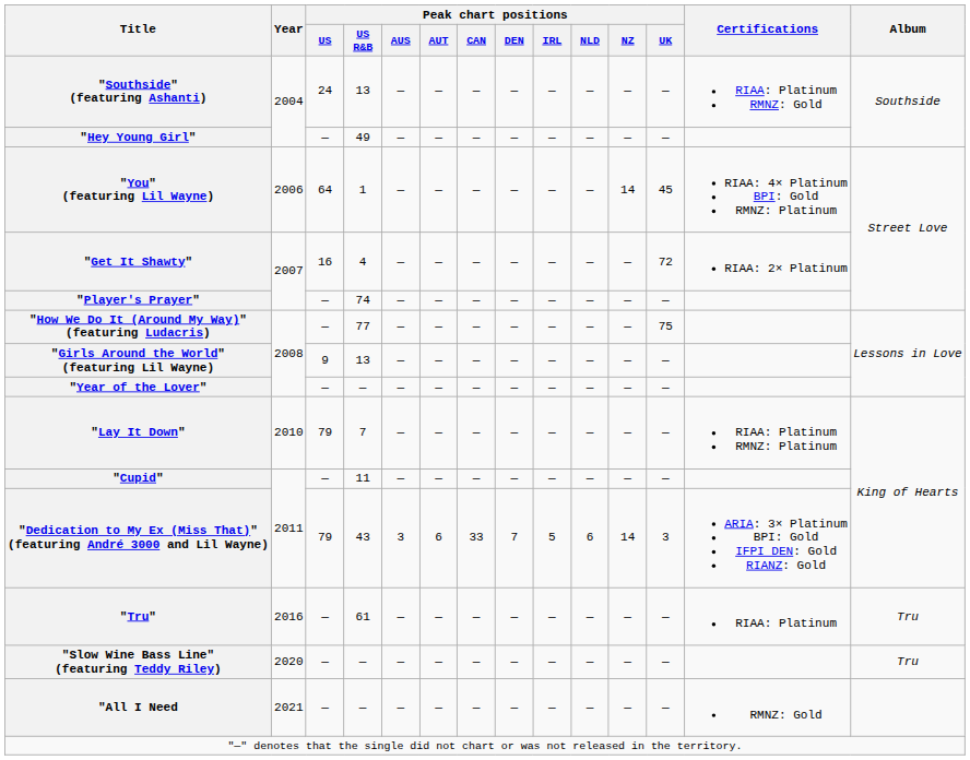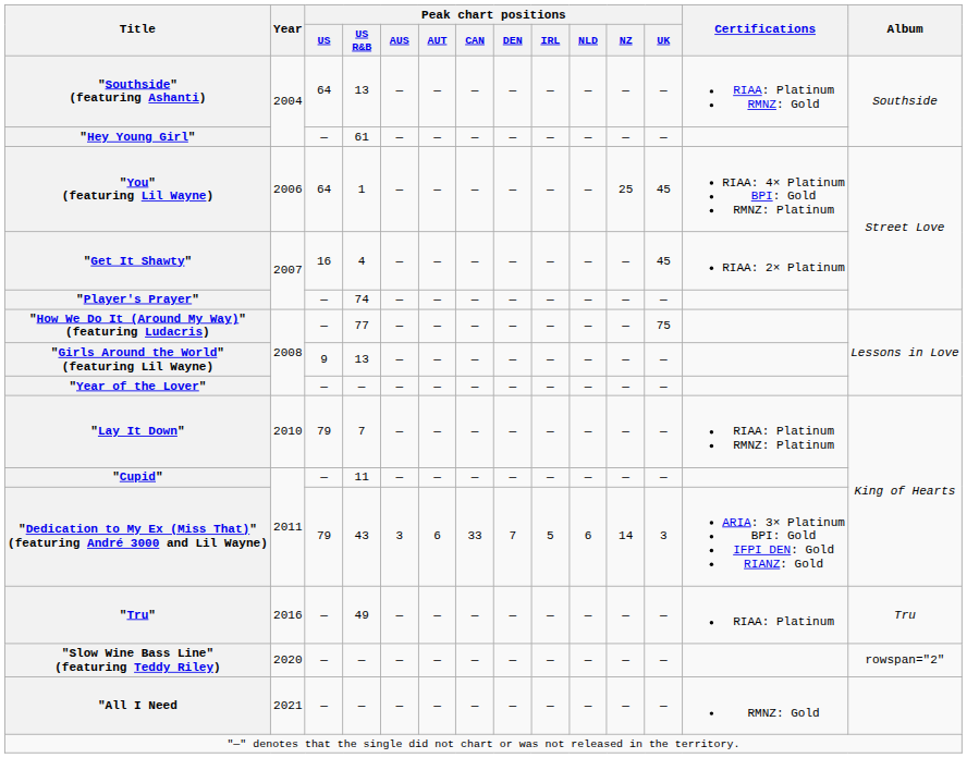 <table class="wikitable plainrowheaders" style="text-align:center;">
 <tr>
 <th scope="col" rowspan="2">Title</th>
 <th scope="col" rowspan="2">Year</th>
 <th scope="col" colspan="10">Peak chart positions</th>
 <th scope="col" rowspan="2"><a href='#'>Certifications</a></th>
 <th scope="col" rowspan="2">Album</th>
 </tr>
 <tr>
 <th scope="col" style="width:3em;font-size:90%;"><a href='#'>US</a><br></th>
 <th scope="col" style="width:3em;font-size:90%;"><a href='#'>US<br>R&B</a><br></th>
 <th scope="col" style="width:3em;font-size:90%;"><a href='#'>AUS</a><br></th>
 <th scope="col" style="width:3em;font-size:90%;"><a href='#'>AUT</a><br></th>
 <th scope="col" style="width:3em;font-size:90%;"><a href='#'>CAN</a><br></th>
 <th scope="col" style="width:3em;font-size:90%;"><a href='#'>DEN</a><br></th>
 <th scope="col" style="width:3em;font-size:90%;"><a href='#'>IRL</a><br></th>
 <th scope="col" style="width:3em;font-size:90%;"><a href='#'>NLD</a><br></th>
 <th scope="col" style="width:3em;font-size:90%;"><a href='#'>NZ</a><br></th>
 <th scope="col" style="width:3em;font-size:90%;"><a href='#'>UK</a><br></th>
 </tr>
 <tr>
 <th scope="row">"<a href='#'>Southside</a>"<br><span>(featuring <a href='#'>Ashanti</a>)</span></th>
 <td rowspan="2">2004</td>
-<td>24</td>
+<td>64</td>
 <td>13</td>
 <td>—</td>
 <td>—</td>
 <td>—</td>
 <td>—</td>
 <td>—</td>
 <td>—</td>
 <td>—</td>
 <td>—</td>
 <td><br><ul><li><a href='#'>RIAA</a>: Platinum</li><li><a href='#'>RMNZ</a>: Gold</li></ul></td>
 <td rowspan="2"><em>Southside</em></td>
 </tr>
 <tr>
 <th scope="row">"<a href='#'>Hey Young Girl</a>"</th>
 <td>—</td>
-<td>49</td>
+<td>61</td>
 <td>—</td>
 <td>—</td>
 <td>—</td>
 <td>—</td>
 <td>—</td>
 <td>—</td>
 <td>—</td>
 <td>—</td>
 <td></td>
 </tr>
 <tr>
 <th scope="row">"<a href='#'>You</a>"<br><span>(featuring <a href='#'>Lil Wayne</a>)</span></th>
 <td>2006</td>
 <td>64</td>
 <td>1</td>
 <td>—</td>
 <td>—</td>
 <td>—</td>
 <td>—</td>
 <td>—</td>
 <td>—</td>
-<td>14</td>
+<td>25</td>
 <td>45</td>
 <td><br><ul><li>RIAA: 4× Platinum</li><li><a href='#'>BPI</a>: Gold</li><li>RMNZ: Platinum</li></ul></td>
 <td rowspan="3"><em>Street Love</em></td>
 </tr>
 <tr>
 <th scope="row">"<a href='#'>Get It Shawty</a>"</th>
 <td rowspan="2">2007</td>
 <td>16</td>
 <td>4</td>
 <td>—</td>
 <td>—</td>
 <td>—</td>
 <td>—</td>
 <td>—</td>
 <td>—</td>
 <td>—</td>
-<td>72</td>
+<td>45</td>
 <td><br><ul><li>RIAA: 2× Platinum</li></ul></td>
 </tr>
 <tr>
 <th scope="row">"<a href='#'>Player's Prayer</a>"</th>
 <td>—</td>
 <td>74</td>
 <td>—</td>
 <td>—</td>
 <td>—</td>
 <td>—</td>
 <td>—</td>
 <td>—</td>
 <td>—</td>
 <td>—</td>
 <td></td>
 </tr>
 <tr>
 <th scope="row">"<a href='#'>How We Do It (Around My Way)</a>"<br><span>(featuring <a href='#'>Ludacris</a>)</span></th>
 <td rowspan="3">2008</td>
 <td>—</td>
 <td>77</td>
 <td>—</td>
 <td>—</td>
 <td>—</td>
 <td>—</td>
 <td>—</td>
 <td>—</td>
 <td>—</td>
 <td>75</td>
 <td></td>
 <td rowspan="3"><em>Lessons in Love</em></td>
 </tr>
 <tr>
 <th scope="row">"<a href='#'>Girls Around the World</a>"<br><span>(featuring Lil Wayne)</span></th>
 <td>9</td>
 <td>13</td>
 <td>—</td>
 <td>—</td>
 <td>—</td>
 <td>—</td>
 <td>—</td>
 <td>—</td>
 <td>—</td>
 <td>—</td>
 <td></td>
 </tr>
 <tr>
 <th scope="row">"<a href='#'>Year of the Lover</a>"</th>
 <td>—</td>
 <td>—</td>
 <td>—</td>
 <td>—</td>
 <td>—</td>
 <td>—</td>
 <td>—</td>
 <td>—</td>
 <td>—</td>
 <td>—</td>
 <td></td>
 </tr>
 <tr>
 <th scope="row">"<a href='#'>Lay It Down</a>"</th>
 <td>2010</td>
 <td>79</td>
 <td>7</td>
 <td>—</td>
 <td>—</td>
 <td>—</td>
 <td>—</td>
 <td>—</td>
 <td>—</td>
 <td>—</td>
 <td>—</td>
 <td><br><ul><li>RIAA: Platinum</li><li>RMNZ: Platinum</li></ul></td>
 <td rowspan="3"><em>King of Hearts</em></td>
 </tr>
 <tr>
 <th scope="row">"<a href='#'>Cupid</a>"</th>
 <td rowspan="2">2011</td>
 <td>—</td>
 <td>11</td>
 <td>—</td>
 <td>—</td>
 <td>—</td>
 <td>—</td>
 <td>—</td>
 <td>—</td>
 <td>—</td>
 <td>—</td>
 <td></td>
 </tr>
 <tr>
 <th scope="row">"<a href='#'>Dedication to My Ex (Miss That)</a>" <br><span>(featuring <a href='#'>André 3000</a> and Lil Wayne)</span></th>
 <td>79</td>
 <td>43</td>
 <td>3</td>
 <td>6</td>
 <td>33</td>
 <td>7</td>
 <td>5</td>
 <td>6</td>
 <td>14</td>
 <td>3</td>
 <td><br><ul><li><a href='#'>ARIA</a>: 3× Platinum</li><li>BPI: Gold</li><li><a href='#'>IFPI DEN</a>: Gold</li><li><a href='#'>RIANZ</a>: Gold</li></ul></td>
 </tr>
 <tr>
 <th scope="row">"<a href='#'>Tru</a>"</th>
 <td>2016</td>
 <td>—</td>
-<td>61</td>
+<td>49</td>
 <td>—</td>
 <td>—</td>
 <td>—</td>
 <td>—</td>
 <td>—</td>
 <td>—</td>
 <td>—</td>
 <td>—</td>
 <td><br><ul><li>RIAA: Platinum</li></ul></td>
 <td rowspan="1"><em>Tru</em></td>
 </tr>
 <tr>
 <th scope="row">"Slow Wine Bass Line"<br><span>(featuring <a href='#'>Teddy Riley</a>)</span></th>
 <td>2020</td>
 <td>—</td>
 <td>—</td>
 <td>—</td>
 <td>—</td>
 <td>—</td>
 <td>—</td>
 <td>—</td>
 <td>—</td>
 <td>—</td>
 <td>—</td>
 <td></td>
-<td rowspan="1"><em>Tru</em></td>
+<td>rowspan="2" </td>
 </tr>
 <tr>
 <th scope="row">"All I Need</th>
 <td>2021</td>
 <td>—</td>
 <td>—</td>
 <td>—</td>
 <td>—</td>
 <td>—</td>
 <td>—</td>
 <td>—</td>
 <td>—</td>
 <td>—</td>
 <td>—</td>
 <td><br><ul><li>RMNZ: Gold</li></ul></td>
 </tr>
 <tr>
 <td colspan="14" style="font-size:90%">"—" denotes that the single did not chart or was not released in the territory.</td>
 </tr>
 </table>
